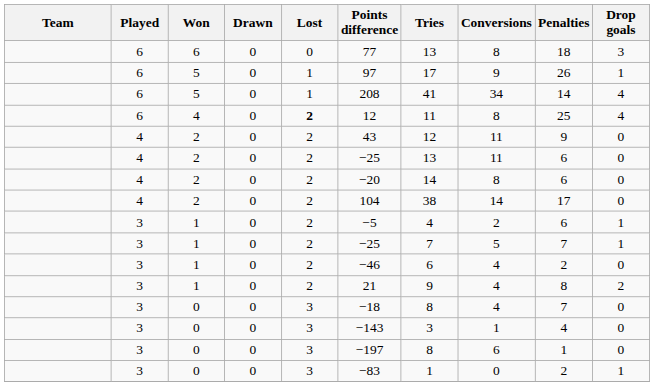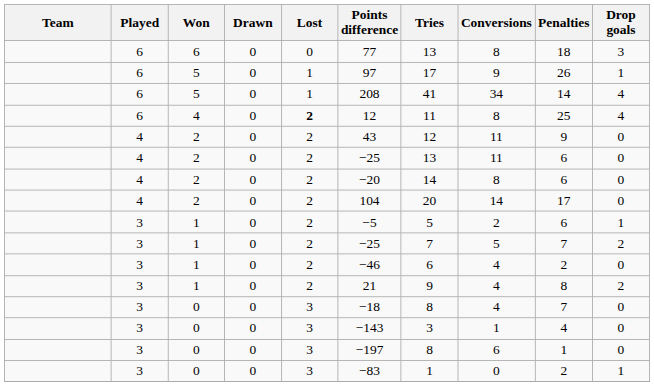 <table class="wikitable sortable" style=text-align:center>
 <tr>
 <th width=120>Team</th>
 <th width=60>Played</th>
 <th width=60>Won</th>
 <th width=60>Drawn</th>
 <th width=60>Lost</th>
 <th width=60>Points<br>difference</th>
 <th width=60>Tries</th>
 <th width=60>Conversions</th>
 <th width=60>Penalties</th>
 <th width=60>Drop goals</th>
 </tr>
 <tr>
 <td align=left></td>
 <td>6</td>
 <td>6</td>
 <td>0</td>
 <td>0</td>
 <td>77</td>
 <td>13</td>
 <td>8</td>
 <td>18</td>
 <td>3</td>
 </tr>
 <tr>
 <td align=left></td>
 <td>6</td>
 <td>5</td>
 <td>0</td>
 <td>1</td>
 <td>97</td>
 <td>17</td>
 <td>9</td>
 <td>26</td>
 <td>1</td>
 </tr>
 <tr>
 <td align=left></td>
 <td>6</td>
 <td>5</td>
 <td>0</td>
 <td>1</td>
 <td>208</td>
 <td>41</td>
 <td>34</td>
 <td>14</td>
 <td>4</td>
 </tr>
 <tr>
 <td align=left></td>
 <td>6</td>
 <td>4</td>
 <td>0</td>
 <td><strong>2</strong></td>
 <td>12</td>
 <td>11</td>
 <td>8</td>
 <td>25</td>
 <td>4</td>
 </tr>
 <tr>
 <td align=left></td>
 <td>4</td>
 <td>2</td>
 <td>0</td>
 <td>2</td>
 <td>43</td>
 <td>12</td>
 <td>11</td>
 <td>9</td>
 <td>0</td>
 </tr>
 <tr>
 <td align=left></td>
 <td>4</td>
 <td>2</td>
 <td>0</td>
 <td>2</td>
 <td>−25</td>
 <td>13</td>
 <td>11</td>
 <td>6</td>
 <td>0</td>
 </tr>
 <tr>
 <td align=left></td>
 <td>4</td>
 <td>2</td>
 <td>0</td>
 <td>2</td>
 <td>−20</td>
 <td>14</td>
 <td>8</td>
 <td>6</td>
 <td>0</td>
 </tr>
 <tr>
 <td align=left></td>
 <td>4</td>
 <td>2</td>
 <td>0</td>
 <td>2</td>
 <td>104</td>
-<td>38</td>
+<td>20</td>
 <td>14</td>
 <td>17</td>
 <td>0</td>
 </tr>
 <tr>
 <td align=left></td>
 <td>3</td>
 <td>1</td>
 <td>0</td>
 <td>2</td>
 <td>−5</td>
-<td>4</td>
+<td>5</td>
 <td>2</td>
 <td>6</td>
 <td>1</td>
 </tr>
 <tr>
 <td align=left></td>
 <td>3</td>
 <td>1</td>
 <td>0</td>
 <td>2</td>
 <td>−25</td>
 <td>7</td>
 <td>5</td>
 <td>7</td>
-<td>1</td>
+<td>2</td>
 </tr>
 <tr>
 <td align=left></td>
 <td>3</td>
 <td>1</td>
 <td>0</td>
 <td>2</td>
 <td>−46</td>
 <td>6</td>
 <td>4</td>
 <td>2</td>
 <td>0</td>
 </tr>
 <tr>
 <td align=left></td>
 <td>3</td>
 <td>1</td>
 <td>0</td>
 <td>2</td>
 <td>21</td>
 <td>9</td>
 <td>4</td>
 <td>8</td>
 <td>2</td>
 </tr>
 <tr>
 <td align=left></td>
 <td>3</td>
 <td>0</td>
 <td>0</td>
 <td>3</td>
 <td>−18</td>
 <td>8</td>
 <td>4</td>
 <td>7</td>
 <td>0</td>
 </tr>
 <tr>
 <td align=left></td>
 <td>3</td>
 <td>0</td>
 <td>0</td>
 <td>3</td>
 <td>−143</td>
 <td>3</td>
 <td>1</td>
 <td>4</td>
 <td>0</td>
 </tr>
 <tr>
 <td align=left></td>
 <td>3</td>
 <td>0</td>
 <td>0</td>
 <td>3</td>
 <td>−197</td>
 <td>8</td>
 <td>6</td>
 <td>1</td>
 <td>0</td>
 </tr>
 <tr>
 <td align=left></td>
 <td>3</td>
 <td>0</td>
 <td>0</td>
 <td>3</td>
 <td>−83</td>
 <td>1</td>
 <td>0</td>
 <td>2</td>
 <td>1</td>
 </tr>
 <tr>
 </tr>
 </table>
